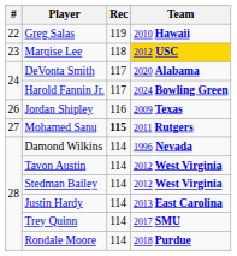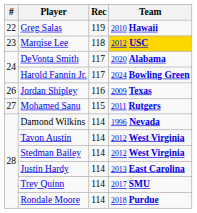 <table class="wikitable" style="font-size:90%; white-space: nowrap;">
 <tr>
 <th>#</th>
 <th>Player</th>
 <th>Rec</th>
 <th>Team</th>
 </tr>
 <tr>
 <td>22</td>
 <td><a href='#'>Greg Salas</a></td>
 <td>119</td>
 <td><small> <a href='#'>2010</a> </small> <strong><a href='#'>Hawaii</a></strong></td>
 </tr>
 <tr>
 <td>23</td>
 <td><a href='#'>Marqise Lee</a></td>
 <td>118</td>
 <td style="background: gold;"><small> <a href='#'>2012</a></small> <strong><a href='#'>USC</a></strong></td>
 </tr>
 <tr>
 <td rowspan=2>24</td>
 <td><a href='#'>DeVonta Smith</a></td>
 <td>117</td>
 <td><small> <a href='#'>2020</a> </small> <strong><a href='#'>Alabama</a></strong></td>
 </tr>
 <tr>
 <td><a href='#'>Harold Fannin Jr.</a></td>
 <td>117</td>
 <td><small> <a href='#'>2024</a> </small> <strong><a href='#'>Bowling Green</a></strong></td>
 </tr>
 <tr>
 <td>26</td>
 <td><a href='#'>Jordan Shipley</a></td>
 <td>116</td>
 <td><small> <a href='#'>2009</a> </small> <strong><a href='#'>Texas</a></strong></td>
 </tr>
 <tr>
 <td>27</td>
 <td><a href='#'>Mohamed Sanu</a></td>
-<td><strong>115</strong></td>
+<td>115</td>
 <td><small> <a href='#'>2011</a> </small> <strong><a href='#'>Rutgers</a></strong></td>
 </tr>
 <tr>
 <td rowspan=6>28</td>
 <td>Damond Wilkins</td>
 <td>114</td>
 <td><small><a href='#'>1996</a></small> <strong><a href='#'>Nevada</a></strong></td>
 </tr>
 <tr>
 <td><a href='#'>Tavon Austin</a></td>
 <td>114</td>
 <td><small> <a href='#'>2012</a> </small> <strong><a href='#'>West Virginia</a></strong></td>
 </tr>
 <tr>
 <td><a href='#'>Stedman Bailey</a></td>
 <td>114</td>
 <td><small> <a href='#'>2012</a> </small> <strong><a href='#'>West Virginia</a></strong></td>
 </tr>
 <tr>
 <td><a href='#'>Justin Hardy</a></td>
 <td>114</td>
 <td><small> <a href='#'>2013</a> </small> <strong><a href='#'>East Carolina</a></strong></td>
 </tr>
 <tr>
 <td><a href='#'>Trey Quinn</a></td>
 <td>114</td>
 <td><small> <a href='#'>2017</a> </small> <strong><a href='#'>SMU</a></strong></td>
 </tr>
 <tr>
 <td><a href='#'>Rondale Moore</a></td>
 <td>114</td>
 <td><small> <a href='#'>2018</a> </small> <strong><a href='#'>Purdue</a></strong></td>
 </tr>
 </table>
